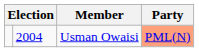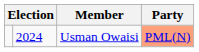 <table class="wikitable">
 <tr>
 <th colspan="2">Election</th>
 <th>Member</th>
 <th>Party</th>
 </tr>
 <tr>
 <td style="background-color: "></td>
-<td><a href='#'>2004</a></td>
+<td><a href='#'>2024</a></td>
 <td><a href='#'>Usman Owaisi</a></td>
 <td style="background: lightsalmon;"><a href='#'>PML(N)</a></td>
 </tr>
 </table>
